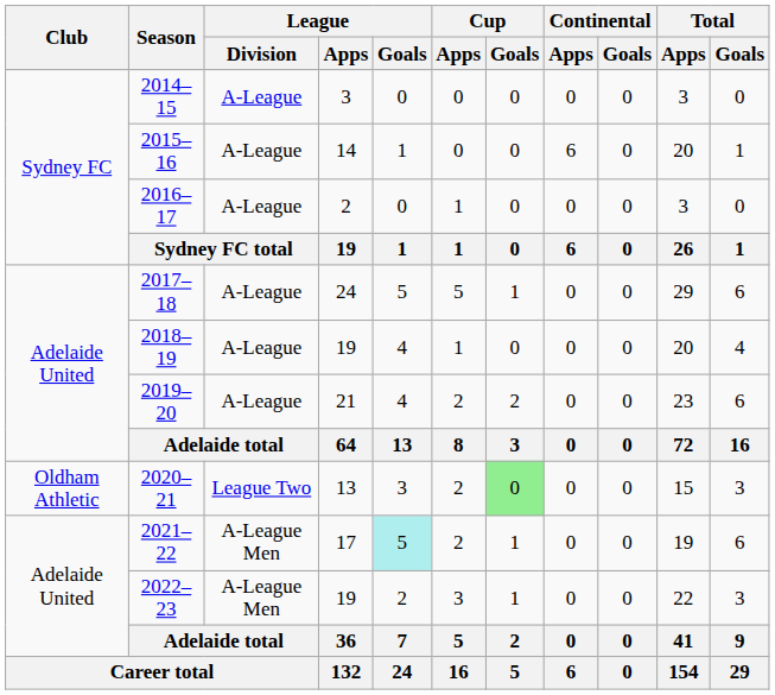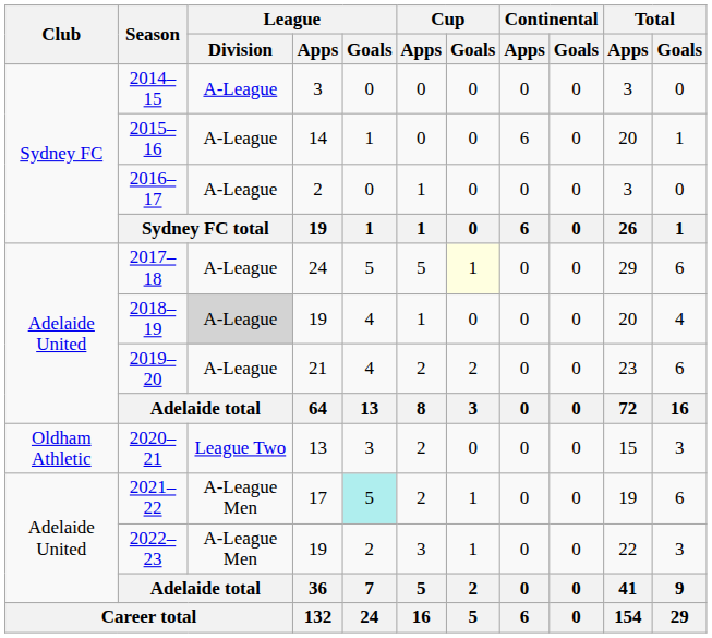 <table class="wikitable" style="text-align: center;">
 <tr>
 <th rowspan="2">Club</th>
 <th rowspan="2">Season</th>
 <th colspan="3">League</th>
 <th colspan="2">Cup</th>
 <th colspan="2">Continental</th>
 <th colspan="2">Total</th>
 </tr>
 <tr>
 <th>Division</th>
 <th>Apps</th>
 <th>Goals</th>
 <th>Apps</th>
 <th>Goals</th>
 <th>Apps</th>
 <th>Goals</th>
 <th>Apps</th>
 <th>Goals</th>
 </tr>
 <tr>
 <td rowspan="4" valign="center"><a href='#'>Sydney FC</a></td>
 <td><a href='#'>2014–15</a></td>
 <td><a href='#'>A-League</a></td>
 <td>3</td>
 <td>0</td>
 <td>0</td>
 <td>0</td>
 <td>0</td>
 <td>0</td>
 <td>3</td>
 <td>0</td>
 </tr>
 <tr>
 <td><a href='#'>2015–16</a></td>
 <td>A-League</td>
 <td>14</td>
 <td>1</td>
 <td>0</td>
 <td>0</td>
 <td>6</td>
 <td>0</td>
 <td>20</td>
 <td>1</td>
 </tr>
 <tr>
 <td><a href='#'>2016–17</a></td>
 <td>A-League</td>
 <td>2</td>
 <td>0</td>
 <td>1</td>
 <td>0</td>
 <td>0</td>
 <td>0</td>
 <td>3</td>
 <td>0</td>
 </tr>
 <tr>
 <th colspan=2>Sydney FC total</th>
 <th>19</th>
 <th>1</th>
 <th>1</th>
 <th>0</th>
 <th>6</th>
 <th>0</th>
 <th>26</th>
 <th>1</th>
 </tr>
 <tr>
 <td rowspan=4><a href='#'>Adelaide United</a></td>
 <td><a href='#'>2017–18</a></td>
 <td>A-League</td>
 <td>24</td>
 <td>5</td>
 <td>5</td>
-<td>1</td>
+<td style="background: lightyellow;">1</td>
 <td>0</td>
 <td>0</td>
 <td>29</td>
 <td>6</td>
 </tr>
 <tr>
 <td><a href='#'>2018–19</a></td>
-<td>A-League</td>
+<td style="background: lightgrey;">A-League</td>
 <td>19</td>
 <td>4</td>
 <td>1</td>
 <td>0</td>
 <td>0</td>
 <td>0</td>
 <td>20</td>
 <td>4</td>
 </tr>
 <tr>
 <td><a href='#'>2019–20</a></td>
 <td>A-League</td>
 <td>21</td>
 <td>4</td>
 <td>2</td>
 <td>2</td>
 <td>0</td>
 <td>0</td>
 <td>23</td>
 <td>6</td>
 </tr>
 <tr>
 <th colspan=2>Adelaide total</th>
 <th>64</th>
 <th>13</th>
 <th>8</th>
 <th>3</th>
 <th>0</th>
 <th>0</th>
 <th>72</th>
 <th>16</th>
 </tr>
 <tr>
 <td><a href='#'>Oldham Athletic</a></td>
 <td><a href='#'>2020–21</a></td>
 <td><a href='#'>League Two</a></td>
 <td>13</td>
 <td>3</td>
 <td>2</td>
-<td style="background: lightgreen;">0</td>
+<td>0</td>
 <td>0</td>
 <td>0</td>
 <td>15</td>
 <td>3</td>
 </tr>
 <tr>
 <td rowspan="3">Adelaide United</td>
 <td><a href='#'>2021–22</a></td>
 <td>A-League Men</td>
 <td>17</td>
 <td style="background: paleturquoise;">5</td>
 <td>2</td>
 <td>1</td>
 <td>0</td>
 <td>0</td>
 <td>19</td>
 <td>6</td>
 </tr>
 <tr>
 <td><a href='#'>2022–23</a></td>
 <td>A-League Men</td>
 <td>19</td>
 <td>2</td>
 <td>3</td>
 <td>1</td>
 <td>0</td>
 <td>0</td>
 <td>22</td>
 <td>3</td>
 </tr>
 <tr>
 <th colspan=2>Adelaide total</th>
 <th>36</th>
 <th>7</th>
 <th>5</th>
 <th>2</th>
 <th>0</th>
 <th>0</th>
 <th>41</th>
 <th>9</th>
 </tr>
 <tr>
 <th colspan="3">Career total</th>
 <th>132</th>
 <th>24</th>
 <th>16</th>
 <th>5</th>
 <th>6</th>
 <th>0</th>
 <th>154</th>
 <th>29</th>
 </tr>
 </table>
